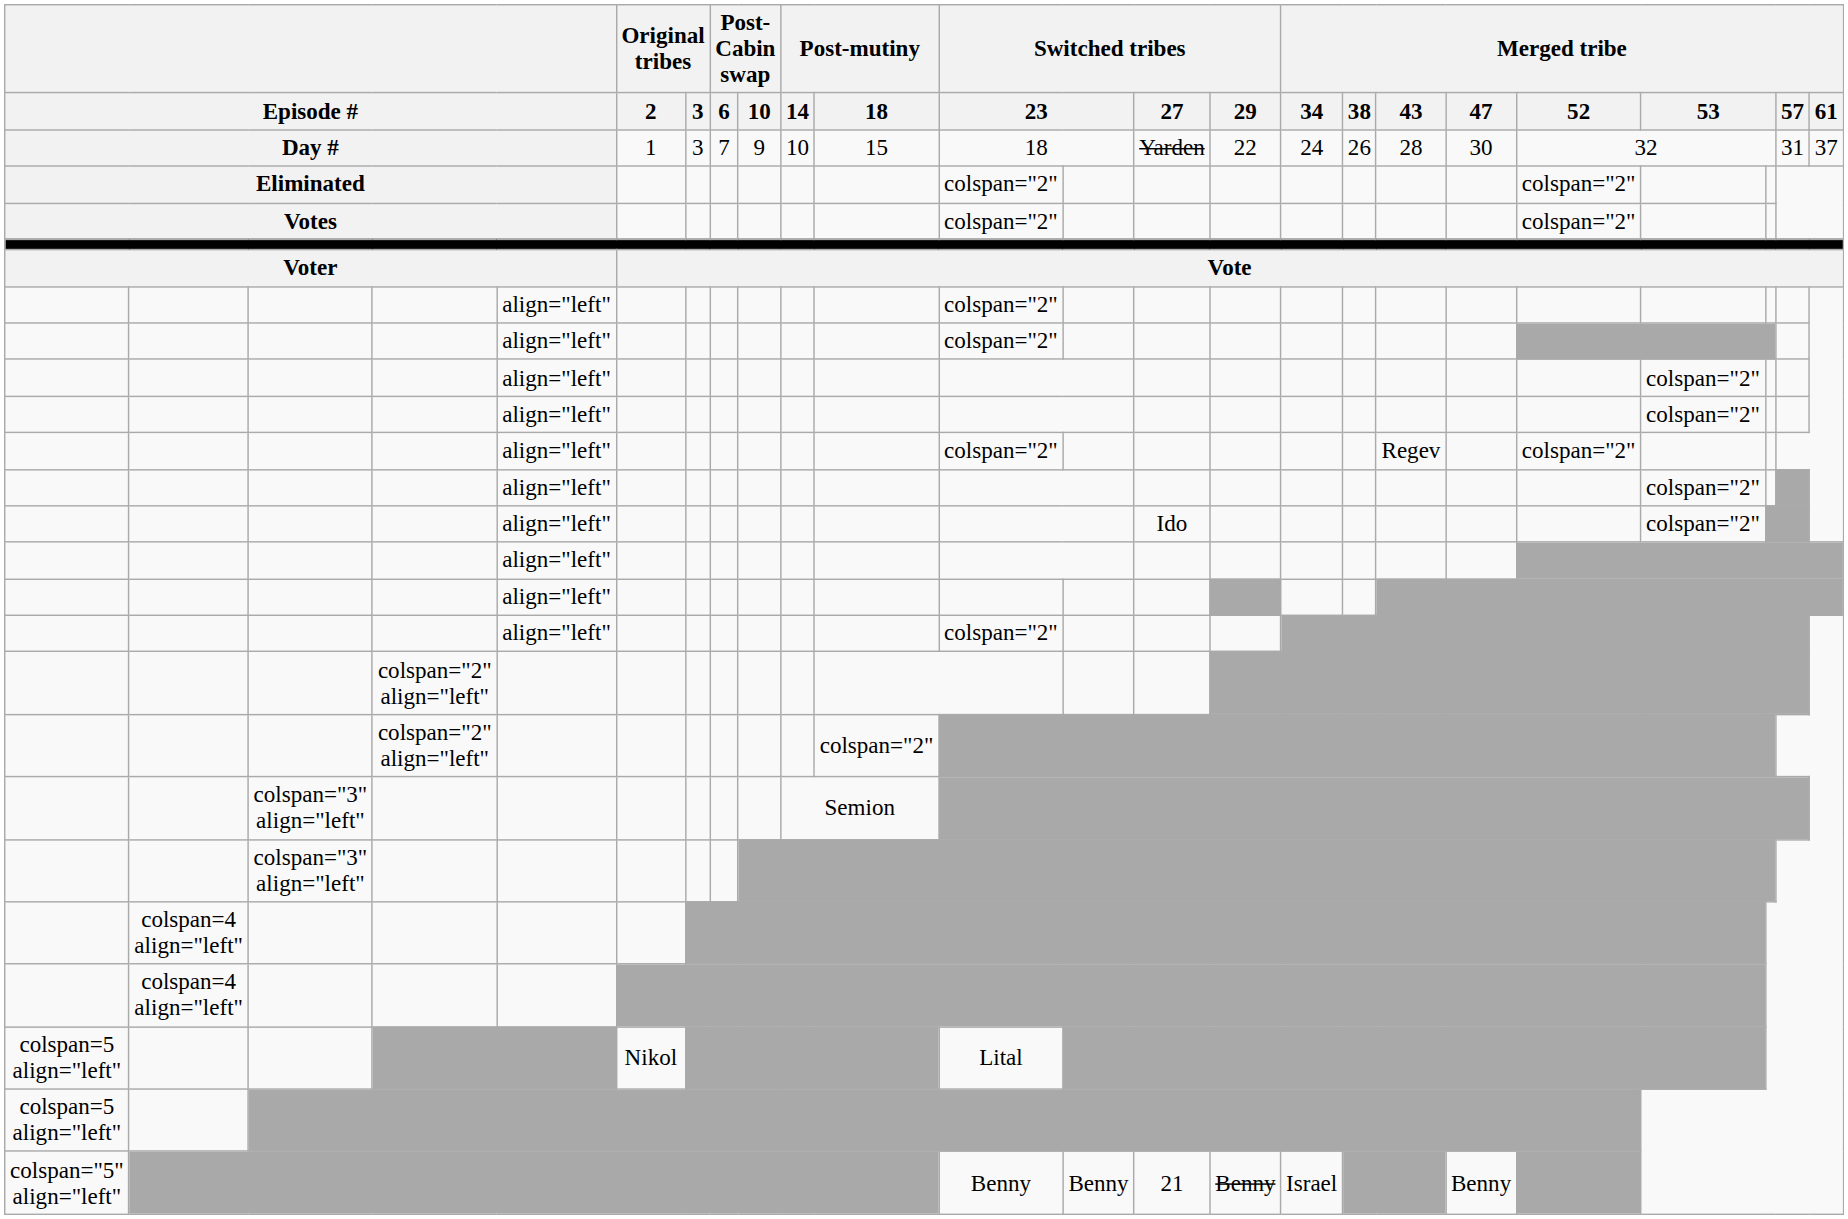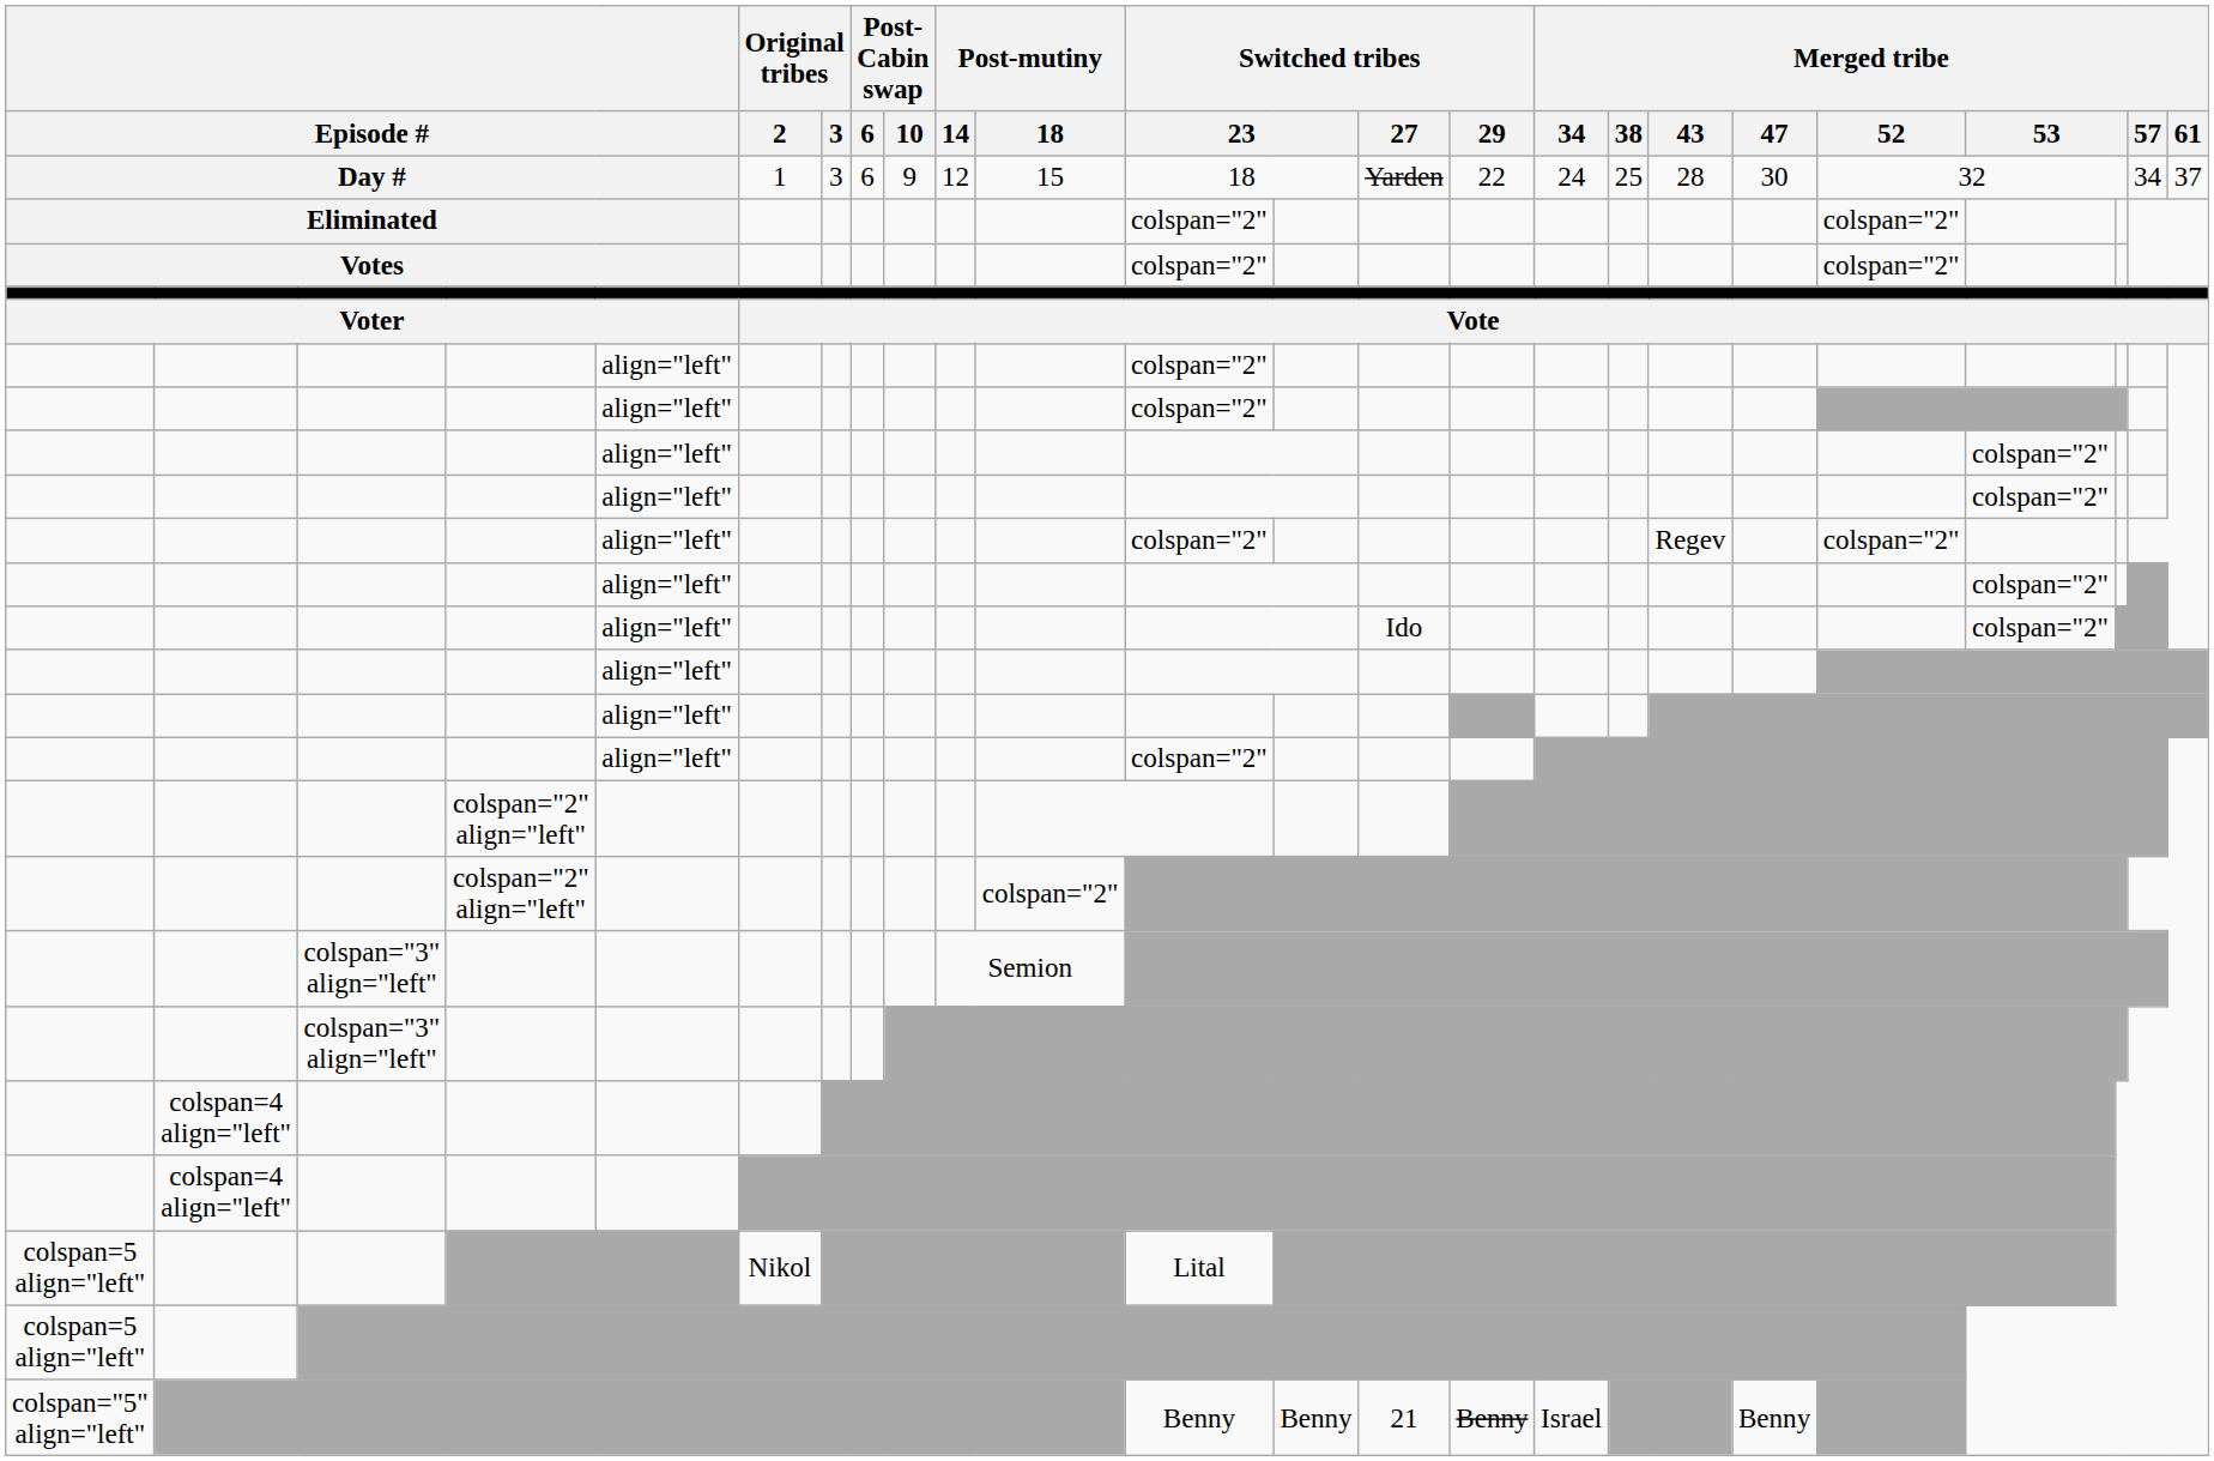 <table class="wikitable nowrap" style="text-align:center;">
 <tr>
 <th colspan="5"></th>
 <th colspan="2">Original tribes</th>
 <th colspan="2">Post-Cabin swap</th>
 <th colspan="2">Post-mutiny</th>
 <th colspan="4">Switched tribes</th>
 <th colspan="9">Merged tribe</th>
 </tr>
 <tr>
 <th colspan="5">Episode #</th>
 <th>2</th>
 <th>3</th>
 <th>6</th>
 <th>10</th>
 <th>14</th>
 <th>18</th>
 <th colspan="2">23</th>
 <th>27</th>
 <th>29</th>
 <th>34</th>
 <th>38</th>
 <th>43</th>
 <th>47</th>
 <th>52</th>
 <th colspan="2">53</th>
 <th>57</th>
 <th>61</th>
 </tr>
 <tr>
 <th colspan="5">Day #</th>
 <td>1</td>
 <td>3</td>
-<td>7</td>
+<td>6</td>
 <td>9</td>
-<td>10</td>
+<td>12</td>
 <td>15</td>
 <td colspan="2">18</td>
 <td><span><s>Yarden</s></span></td>
 <td>22</td>
 <td>24</td>
-<td>26</td>
+<td>25</td>
 <td>28</td>
 <td>30</td>
 <td colspan="3">32</td>
-<td>31</td>
+<td>34</td>
 <td>37</td>
 </tr>
 <tr>
 <th colspan="5">Eliminated</th>
 <td></td>
 <td></td>
 <td></td>
 <td></td>
 <td></td>
 <td></td>
 <td>colspan="2" </td>
 <td></td>
 <td></td>
 <td></td>
 <td></td>
 <td></td>
 <td></td>
 <td></td>
 <td>colspan="2" </td>
 <td></td>
 <td></td>
 </tr>
 <tr>
 <th colspan="5">Votes</th>
 <td></td>
 <td></td>
 <td></td>
 <td></td>
 <td></td>
 <td></td>
 <td>colspan="2" </td>
 <td></td>
 <td></td>
 <td></td>
 <td></td>
 <td></td>
 <td></td>
 <td></td>
 <td>colspan="2" </td>
 <td></td>
 <td></td>
 </tr>
 <tr>
 <td colspan="24" bgcolor="black"></td>
 </tr>
 <tr>
 <th colspan="5">Voter</th>
 <th colspan="19">Vote</th>
 </tr>
 <tr>
 <td></td>
 <td></td>
 <td></td>
 <td></td>
 <td>align="left" </td>
 <td></td>
 <td></td>
 <td></td>
 <td></td>
 <td></td>
 <td></td>
 <td>colspan="2" </td>
 <td></td>
 <td></td>
 <td></td>
 <td></td>
 <td></td>
 <td></td>
 <td></td>
 <td></td>
 <td></td>
 <td></td>
 <td></td>
 </tr>
 <tr>
 <td></td>
 <td></td>
 <td></td>
 <td></td>
 <td>align="left" </td>
 <td></td>
 <td></td>
 <td></td>
 <td></td>
 <td></td>
 <td></td>
 <td>colspan="2" </td>
 <td></td>
 <td></td>
 <td></td>
 <td></td>
 <td></td>
 <td></td>
 <td></td>
 <td colspan="3" style="background:darkgrey;"></td>
 <td></td>
 </tr>
 <tr>
 <td></td>
 <td></td>
 <td></td>
 <td></td>
 <td>align="left" </td>
 <td></td>
 <td></td>
 <td></td>
 <td></td>
 <td></td>
 <td></td>
 <td colspan="2"></td>
 <td></td>
 <td></td>
 <td></td>
 <td></td>
 <td></td>
 <td></td>
 <td></td>
 <td>colspan="2" </td>
 <td></td>
 <td></td>
 </tr>
 <tr>
 <td></td>
 <td></td>
 <td></td>
 <td></td>
 <td>align="left" </td>
 <td></td>
 <td></td>
 <td></td>
 <td></td>
 <td></td>
 <td></td>
 <td colspan="2"></td>
 <td></td>
 <td></td>
 <td></td>
 <td></td>
 <td></td>
 <td></td>
 <td></td>
 <td>colspan="2" </td>
 <td></td>
 <td></td>
 </tr>
 <tr>
 <td></td>
 <td></td>
 <td></td>
 <td></td>
 <td>align="left" </td>
 <td></td>
 <td></td>
 <td></td>
 <td></td>
 <td></td>
 <td></td>
 <td>colspan="2" </td>
 <td></td>
 <td></td>
 <td></td>
 <td></td>
 <td></td>
 <td><span>Regev</span></td>
 <td></td>
 <td>colspan="2" </td>
 <td></td>
 <td></td>
 </tr>
 <tr>
 <td></td>
 <td></td>
 <td></td>
 <td></td>
 <td>align="left" </td>
 <td></td>
 <td></td>
 <td></td>
 <td></td>
 <td></td>
 <td></td>
 <td colspan="2"></td>
 <td></td>
 <td></td>
 <td></td>
 <td></td>
 <td></td>
 <td></td>
 <td></td>
 <td>colspan="2" </td>
 <td></td>
 <td style="background:darkgrey;"></td>
 </tr>
 <tr>
 <td></td>
 <td></td>
 <td></td>
 <td></td>
 <td>align="left" </td>
 <td></td>
 <td></td>
 <td></td>
 <td></td>
 <td></td>
 <td></td>
 <td colspan="2"></td>
 <td><span>Ido</span></td>
 <td></td>
 <td></td>
 <td></td>
 <td></td>
 <td></td>
 <td></td>
 <td>colspan="2" </td>
 <td colspan="2" style="background:darkgrey;"></td>
 </tr>
 <tr>
 <td></td>
 <td></td>
 <td></td>
 <td></td>
 <td>align="left" </td>
 <td></td>
 <td></td>
 <td></td>
 <td></td>
 <td></td>
 <td></td>
 <td colspan="2"></td>
 <td></td>
 <td></td>
 <td></td>
 <td></td>
 <td></td>
 <td></td>
 <td colspan="6" style="background:darkgrey;"></td>
 </tr>
 <tr>
 <td></td>
 <td></td>
 <td></td>
 <td></td>
 <td>align="left" </td>
 <td></td>
 <td></td>
 <td></td>
 <td></td>
 <td></td>
 <td></td>
 <td></td>
 <td></td>
 <td></td>
 <td bgcolor="darkgrey"></td>
 <td></td>
 <td></td>
 <td colspan="7" style="background:darkgrey;"></td>
 </tr>
 <tr>
 <td></td>
 <td></td>
 <td></td>
 <td></td>
 <td>align="left" </td>
 <td></td>
 <td></td>
 <td></td>
 <td></td>
 <td></td>
 <td></td>
 <td>colspan="2" </td>
 <td></td>
 <td></td>
 <td></td>
 <td colspan="8" bgcolor="darkgrey"></td>
 </tr>
 <tr>
 <td></td>
 <td></td>
 <td></td>
 <td>colspan="2" align="left" </td>
 <td></td>
 <td></td>
 <td></td>
 <td></td>
 <td></td>
 <td></td>
 <td colspan="2"></td>
 <td></td>
 <td></td>
 <td colspan="9" bgcolor="darkgrey"></td>
 </tr>
 <tr>
 <td></td>
 <td></td>
 <td></td>
 <td>colspan="2" align="left" </td>
 <td></td>
 <td></td>
 <td></td>
 <td></td>
 <td></td>
 <td></td>
 <td>colspan="2" </td>
 <td colspan="11" style="background:darkgrey;"></td>
 </tr>
 <tr>
 <td></td>
 <td></td>
 <td>colspan="3" align="left" </td>
 <td></td>
 <td></td>
 <td></td>
 <td></td>
 <td></td>
 <td></td>
 <td colspan="2"><span>Semion</span></td>
 <td colspan="12" style="background:darkgrey;"></td>
 </tr>
 <tr>
 <td></td>
 <td></td>
 <td>colspan="3"  align="left" </td>
 <td></td>
 <td></td>
 <td></td>
 <td></td>
 <td></td>
 <td colspan="14" bgcolor="darkgray"></td>
 </tr>
 <tr>
 <td></td>
 <td>colspan=4 align="left" </td>
 <td></td>
 <td></td>
 <td></td>
 <td></td>
 <td colspan="15" bgcolor="darkgray"></td>
 </tr>
 <tr>
 <td></td>
 <td>colspan=4 align="left" </td>
 <td></td>
 <td></td>
 <td></td>
 <td colspan="16" style="background:darkgrey;"></td>
 </tr>
 <tr>
 <td>colspan=5 align="left" </td>
 <td></td>
 <td></td>
 <td colspan="2" style="background:darkgrey;"></td>
 <td><span>Nikol</span></td>
 <td colspan="5" style="background:darkgrey;"></td>
 <td><span>Lital</span></td>
 <td colspan="9" style="background:darkgrey;"></td>
 </tr>
 <tr>
 <td>colspan=5 align="left" </td>
 <td></td>
 <td colspan="18" style="background:darkgrey;"></td>
 </tr>
 <tr>
 <td>colspan="5" align="left" </td>
 <td colspan="10" style="background:darkgrey;"></td>
 <td><span>Benny</span></td>
 <td><span>Benny</span></td>
 <td>21</td>
 <td><span><s>Benny</s></span></td>
 <td><span>Israel</span></td>
 <td colspan="2" style="background:darkgrey;"></td>
 <td><span>Benny</span></td>
 <td style="background:darkgrey;"></td>
 </tr>
 </table>
